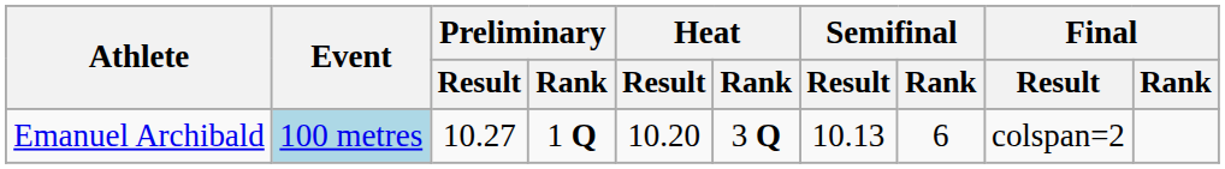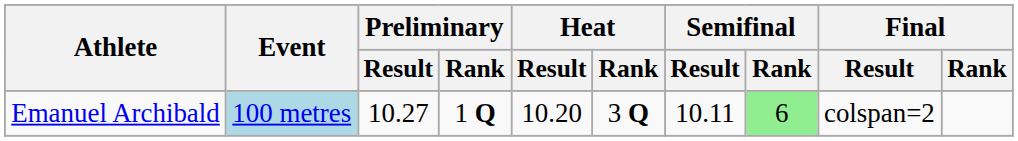 <table class="wikitable" style="font-size:90%">
 <tr>
 <th rowspan="2">Athlete</th>
 <th rowspan="2">Event</th>
 <th colspan="2">Preliminary</th>
 <th colspan="2">Heat</th>
 <th colspan="2">Semifinal</th>
 <th colspan="2">Final</th>
 </tr>
 <tr style="font-size:95%">
 <th>Result</th>
 <th>Rank</th>
 <th>Result</th>
 <th>Rank</th>
 <th>Result</th>
 <th>Rank</th>
 <th>Result</th>
 <th>Rank</th>
 </tr>
 <tr align=center>
 <td align=left><a href='#'>Emanuel Archibald</a></td>
 <td align=left style="background: lightblue;"><a href='#'>100 metres</a></td>
 <td>10.27</td>
 <td>1 <strong>Q</strong></td>
 <td>10.20</td>
 <td>3 <strong>Q</strong></td>
-<td>10.13 </td>
-<td>6</td>
+<td>10.11 </td>
+<td style="background: lightgreen;">6</td>
 <td>colspan=2 </td>
 </tr>
 </table>
